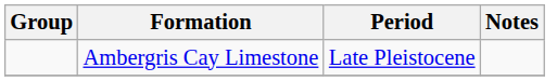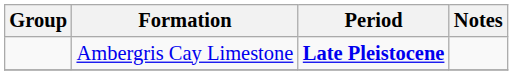 <table class="wikitable sortable">
 <tr>
 <th>Group</th>
 <th>Formation</th>
 <th>Period</th>
 <th class="unsortable">Notes</th>
 </tr>
 <tr>
 <td></td>
 <td><a href='#'>Ambergris Cay Limestone</a></td>
-<td style="background-color: "><a href='#'>Late Pleistocene</a></td>
+<td style="background-color: "><strong><a href='#'>Late Pleistocene</a></strong></td>
 <td align=center></td>
 </tr>
 <tr>
 </tr>
 </table>
